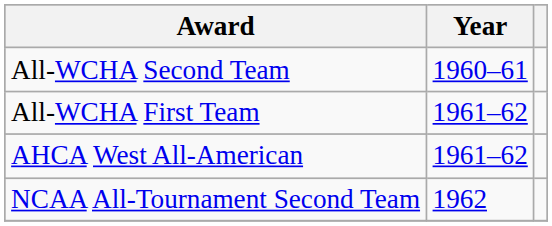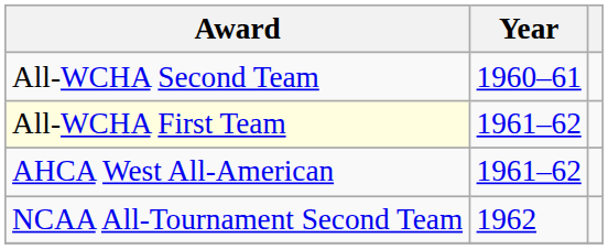 <table class="wikitable">
 <tr>
 <th>Award</th>
 <th>Year</th>
 <th></th>
 </tr>
 <tr>
 <td>All-<a href='#'>WCHA</a> <a href='#'>Second Team</a></td>
 <td><a href='#'>1960–61</a></td>
 <td></td>
 </tr>
 <tr>
-<td>All-<a href='#'>WCHA</a> <a href='#'>First Team</a></td>
+<td style="background: lightyellow;">All-<a href='#'>WCHA</a> <a href='#'>First Team</a></td>
 <td><a href='#'>1961–62</a></td>
 <td></td>
 </tr>
 <tr>
 <td><a href='#'>AHCA</a> <a href='#'>West All-American</a></td>
 <td><a href='#'>1961–62</a></td>
 <td></td>
 </tr>
 <tr>
 <td><a href='#'>NCAA</a> <a href='#'>All-Tournament Second Team</a></td>
 <td><a href='#'>1962</a></td>
 <td></td>
 </tr>
 <tr>
 </tr>
 </table>
